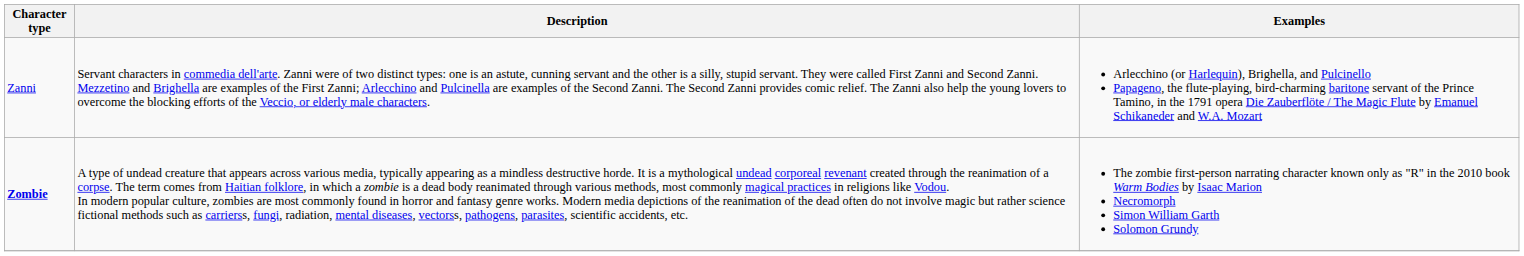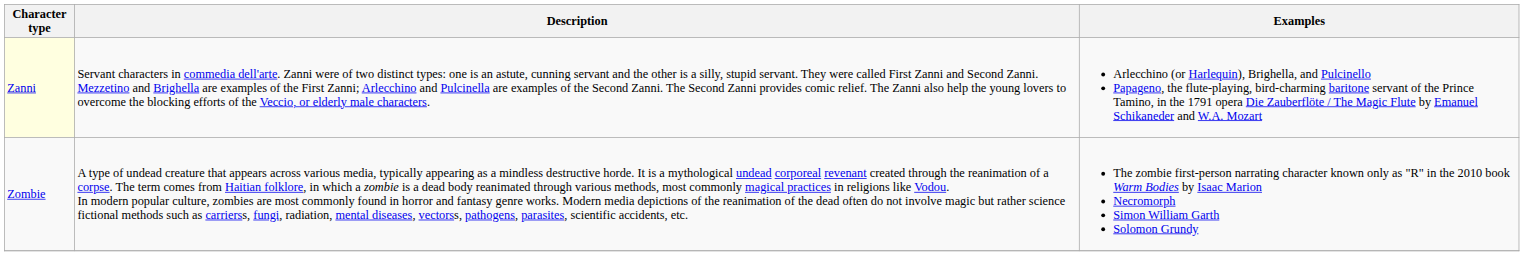 <table class="wikitable">
 <tr>
 <th>Character type</th>
 <th>Description</th>
 <th>Examples</th>
 </tr>
 <tr>
-<td><a href='#'>Zanni</a></td>
+<td style="background: lightyellow;"><a href='#'>Zanni</a></td>
 <td>Servant characters in <a href='#'>commedia dell'arte</a>. Zanni were of two distinct types: one is an astute, cunning servant and the other is a silly, stupid servant. They were called First Zanni and Second Zanni. <a href='#'>Mezzetino</a> and <a href='#'>Brighella</a> are examples of the First Zanni; <a href='#'>Arlecchino</a> and <a href='#'>Pulcinella</a> are examples of the Second Zanni. The Second Zanni provides comic relief. The Zanni also help the young lovers to overcome the blocking efforts of the <a href='#'>Veccio, or elderly male characters</a>.</td>
 <td><br><ul><li>Arlecchino (or <a href='#'>Harlequin</a>), Brighella, and <a href='#'>Pulcinello</a></li><li><a href='#'>Papageno</a>, the flute-playing, bird-charming <a href='#'>baritone</a> servant of the Prince Tamino, in the 1791 opera <a href='#'>Die Zauberflöte / The Magic Flute</a> by <a href='#'>Emanuel Schikaneder</a> and <a href='#'>W.A. Mozart</a></li></ul></td>
 </tr>
 <tr>
-<td><strong><a href='#'>Zombie</a></strong></td>
+<td><a href='#'>Zombie</a></td>
 <td>A type of undead creature that appears across various media, typically appearing as a mindless destructive horde. It is a mythological <a href='#'>undead</a> <a href='#'>corporeal</a> <a href='#'>revenant</a> created through the reanimation of a <a href='#'>corpse</a>. The term comes from <a href='#'>Haitian folklore</a>, in which a <em>zombie</em> is a dead body reanimated through various methods, most commonly <a href='#'>magical practices</a> in religions like <a href='#'>Vodou</a>.<br>In modern popular culture, zombies are most commonly found in horror and fantasy genre works. Modern media depictions of the reanimation of the dead often do not involve magic but rather science fictional methods such as <a href='#'>carriers</a>s, <a href='#'>fungi</a>, radiation, <a href='#'>mental diseases</a>, <a href='#'>vectors</a>s, <a href='#'>pathogens</a>, <a href='#'>parasites</a>, scientific accidents, etc.</td>
 <td><br><ul><li>The zombie first-person narrating character known only as "R" in the 2010 book <em><a href='#'>Warm Bodies</a></em> by <a href='#'>Isaac Marion</a></li><li><a href='#'>Necromorph</a></li><li><a href='#'>Simon William Garth</a></li><li><a href='#'>Solomon Grundy</a></li></ul></td>
 </tr>
 <tr>
 </tr>
 </table>
